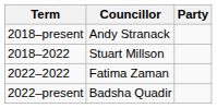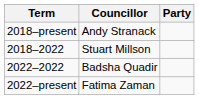 <table class="wikitable">
 <tr>
 <th>Term</th>
 <th>Councillor</th>
 <th colspan=2>Party</th>
 </tr>
 <tr>
 <td>2018–present</td>
 <td>Andy Stranack</td>
 <td></td>
 </tr>
 <tr>
 <td>2018–2022</td>
 <td>Stuart Millson</td>
 <td></td>
 </tr>
 <tr>
 <td>2022–2022</td>
-<td>Fatima Zaman</td>
+<td>Badsha Quadir</td>
 <td></td>
 </tr>
 <tr>
 <td>2022–present</td>
-<td>Badsha Quadir</td>
+<td>Fatima Zaman</td>
 <td></td>
 </tr>
 </table>
